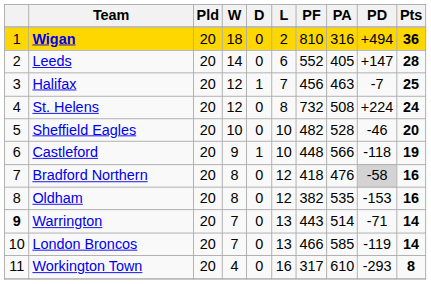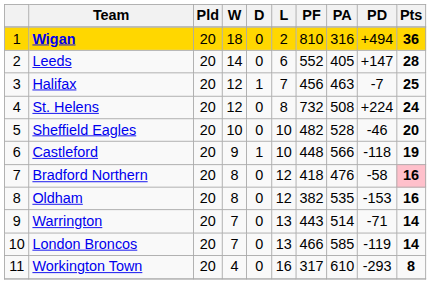 <table class="wikitable" style="text-align:center;">
 <tr>
 <th width=20 abbr="Position"></th>
 <th width=175>Team</th>
 <th width=20 abbr="Played">Pld</th>
 <th width=20 abbr="Won">W</th>
 <th width=20 abbr="Drawn">D</th>
 <th width=20 abbr="Lost">L</th>
 <th width=20 abbr="Points for">PF</th>
 <th width=20 abbr="Points against">PA</th>
 <th width=20 abbr="Points difference">PD</th>
 <th width=20 abbr="Points">Pts</th>
 </tr>
 <tr>
 </tr>
 <tr |- align=center style="background:#FFD700;">
 <td>1</td>
 <td style="text-align:left;"> <strong><a href='#'>Wigan</a></strong></td>
 <td>20</td>
 <td>18</td>
 <td>0</td>
 <td>2</td>
 <td>810</td>
 <td>316</td>
 <td>+494</td>
 <td><strong>36</strong></td>
 </tr>
 <tr>
 <td>2</td>
 <td style="text-align:left;"> <a href='#'>Leeds</a></td>
 <td>20</td>
 <td>14</td>
 <td>0</td>
 <td>6</td>
 <td>552</td>
 <td>405</td>
 <td>+147</td>
 <td><strong>28</strong></td>
 </tr>
 <tr>
 <td>3</td>
 <td style="text-align:left;"> <a href='#'>Halifax</a></td>
 <td>20</td>
 <td>12</td>
 <td>1</td>
 <td>7</td>
 <td>456</td>
 <td>463</td>
 <td>-7</td>
 <td><strong>25</strong></td>
 </tr>
 <tr>
 <td>4</td>
 <td style="text-align:left;"> <a href='#'>St. Helens</a></td>
 <td>20</td>
 <td>12</td>
 <td>0</td>
 <td>8</td>
 <td>732</td>
 <td>508</td>
 <td>+224</td>
 <td><strong>24</strong></td>
 </tr>
 <tr>
 <td>5</td>
 <td style="text-align:left;"> <a href='#'>Sheffield Eagles</a></td>
 <td>20</td>
 <td>10</td>
 <td>0</td>
 <td>10</td>
 <td>482</td>
 <td>528</td>
 <td>-46</td>
 <td><strong>20</strong></td>
 </tr>
 <tr>
 <td>6</td>
 <td style="text-align:left;"> <a href='#'>Castleford</a></td>
 <td>20</td>
 <td>9</td>
 <td>1</td>
 <td>10</td>
 <td>448</td>
 <td>566</td>
 <td>-118</td>
 <td><strong>19</strong></td>
 </tr>
 <tr>
 <td>7</td>
 <td style="text-align:left;"> <a href='#'>Bradford Northern</a></td>
 <td>20</td>
 <td>8</td>
 <td>0</td>
 <td>12</td>
 <td>418</td>
 <td>476</td>
-<td style="background: lightgrey;">-58</td>
-<td><strong>16</strong></td>
+<td>-58</td>
+<td style="background: pink;"><strong>16</strong></td>
 </tr>
 <tr>
 <td>8</td>
 <td style="text-align:left;"> <a href='#'>Oldham</a></td>
 <td>20</td>
 <td>8</td>
 <td>0</td>
 <td>12</td>
 <td>382</td>
 <td>535</td>
 <td>-153</td>
 <td><strong>16</strong></td>
 </tr>
 <tr>
-<td><strong>9</strong></td>
+<td>9</td>
 <td style="text-align:left;"> <a href='#'>Warrington</a></td>
 <td>20</td>
 <td>7</td>
 <td>0</td>
 <td>13</td>
 <td>443</td>
 <td>514</td>
 <td>-71</td>
 <td><strong>14</strong></td>
 </tr>
 <tr>
 <td>10</td>
 <td style="text-align:left;"><a href='#'>London Broncos</a></td>
 <td>20</td>
 <td>7</td>
 <td>0</td>
 <td>13</td>
 <td>466</td>
 <td>585</td>
 <td>-119</td>
 <td><strong>14</strong></td>
 </tr>
 <tr>
 <td>11</td>
 <td style="text-align:left;"> <a href='#'>Workington Town</a></td>
 <td>20</td>
 <td>4</td>
 <td>0</td>
 <td>16</td>
 <td>317</td>
 <td>610</td>
 <td>-293</td>
 <td><strong>8</strong></td>
 </tr>
 <tr>
 </tr>
 </table>
